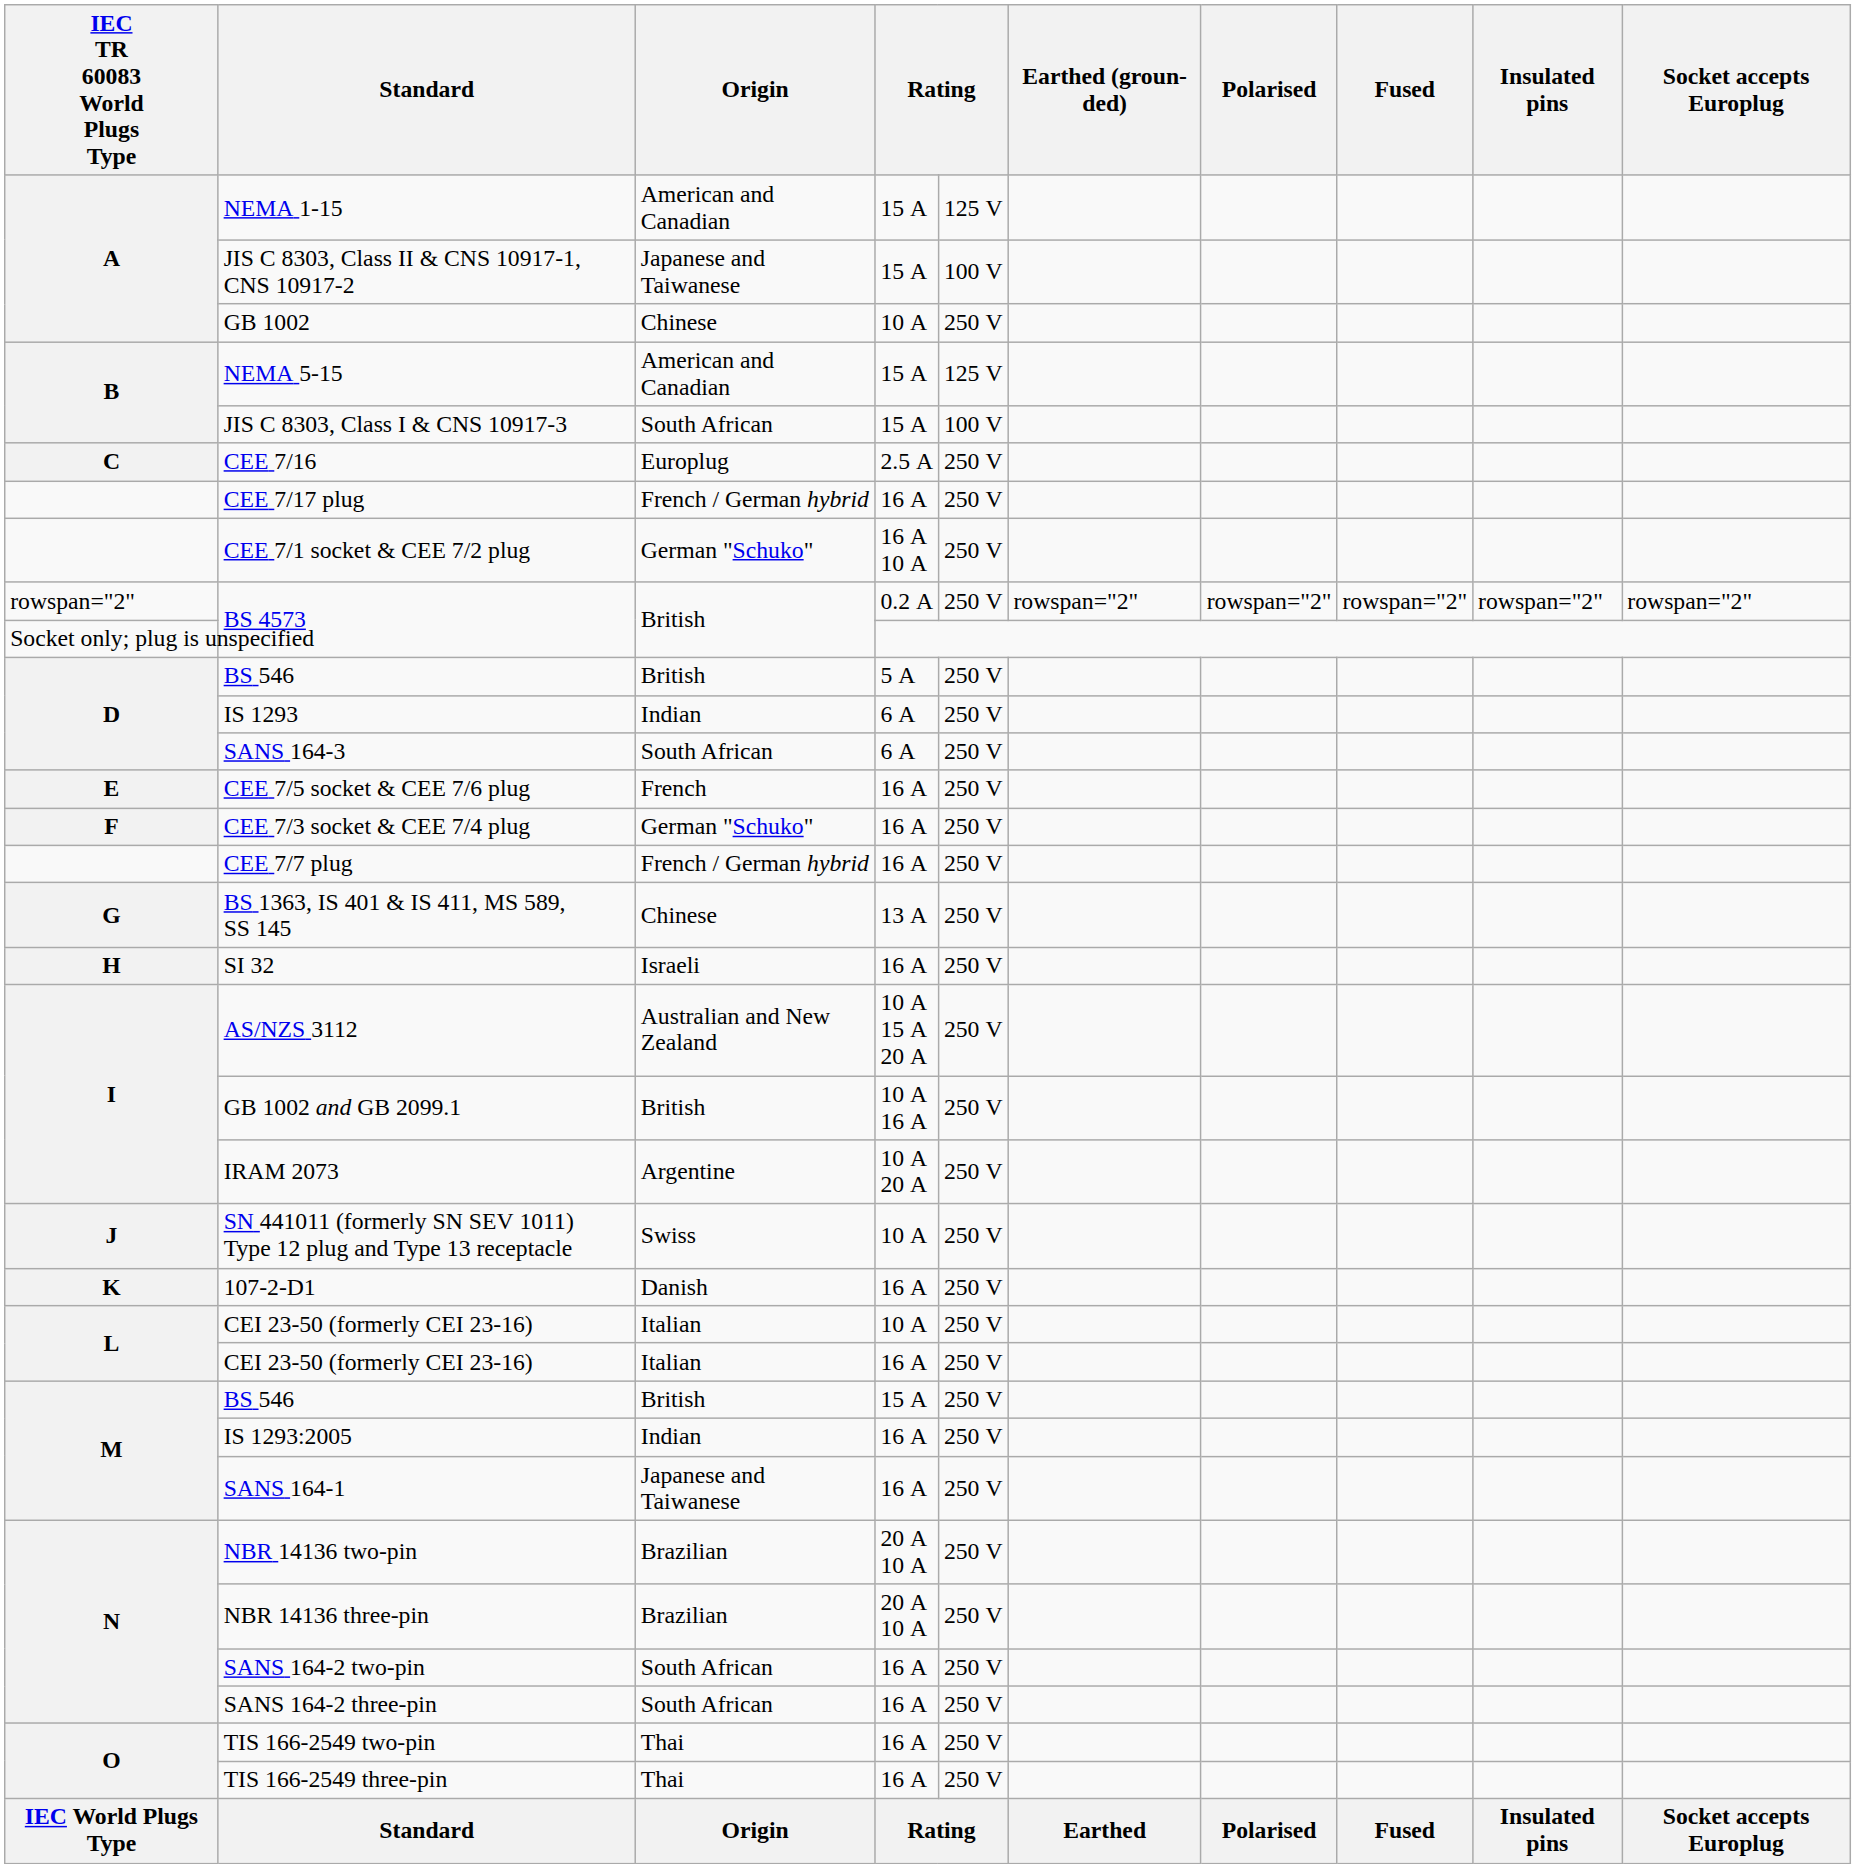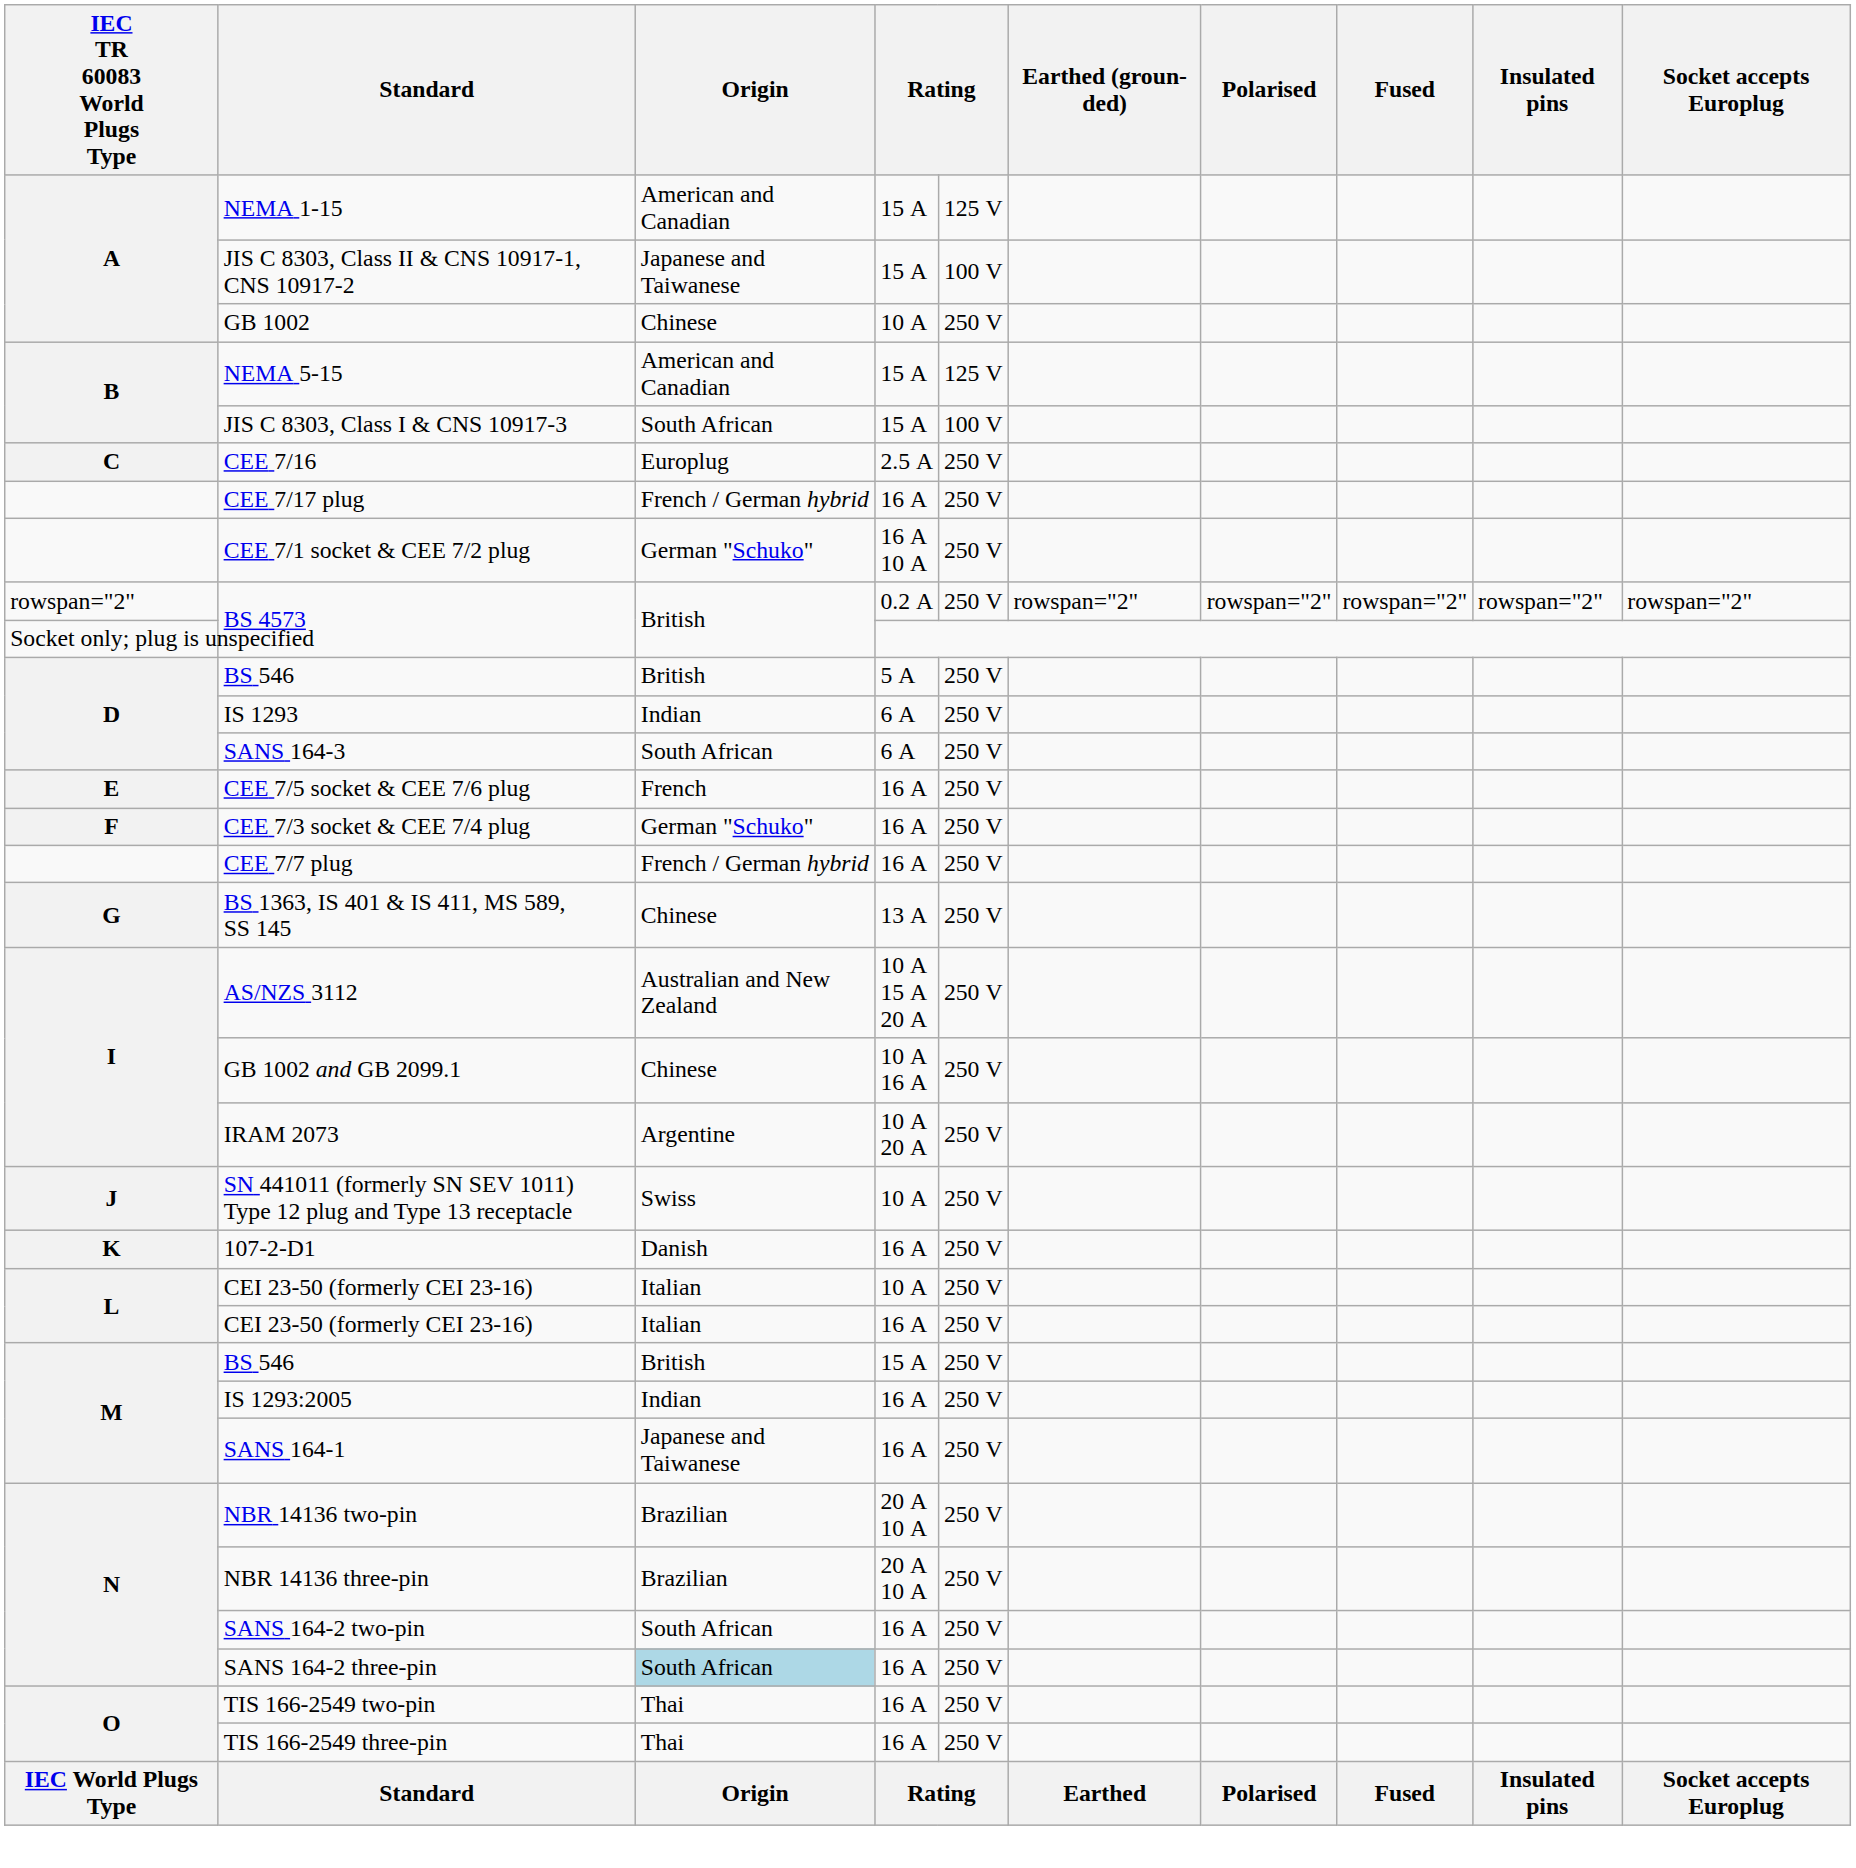 <table class="wikitable sortable sticky-header">
 <tr>
 <th><a href='#'>IEC</a><br>TR<br>60083<br>World<br>Plugs<br>Type</th>
 <th>Standard</th>
 <th>Origin</th>
 <th colspan="2">Rating</th>
 <th>Earthed (groun­ded)</th>
 <th>Polarised</th>
 <th>Fused</th>
 <th>Insulated pins</th>
 <th>Socket accepts Europlug</th>
 </tr>
 <tr>
 <th rowspan="3">A</th>
 <td><a href='#'>NEMA</a><a href='#'> </a>1-15</td>
 <td>American and Canadian</td>
 <td>15 A</td>
 <td>125 V</td>
 <td></td>
 <td></td>
 <td></td>
 <td></td>
 <td></td>
 </tr>
 <tr>
 <td>JIS C 8303, Class II & CNS 10917-1, CNS 10917-2</td>
 <td>Japanese and Taiwanese</td>
 <td>15 A</td>
 <td>100 V</td>
 <td></td>
 <td></td>
 <td></td>
 <td></td>
 <td></td>
 </tr>
 <tr>
 <td>GB 1002</td>
 <td>Chinese</td>
 <td>10 A</td>
 <td>250 V</td>
 <td></td>
 <td></td>
 <td></td>
 <td></td>
 <td></td>
 </tr>
 <tr>
 <th rowspan="2">B</th>
 <td><a href='#'>NEMA</a><a href='#'> </a>5-15</td>
 <td>American and Canadian</td>
 <td>15 A</td>
 <td>125 V</td>
 <td></td>
 <td></td>
 <td></td>
 <td></td>
 <td></td>
 </tr>
 <tr>
 <td>JIS C 8303, Class I & CNS 10917-3</td>
 <td>South African</td>
 <td>15 A</td>
 <td>100 V</td>
 <td></td>
 <td></td>
 <td></td>
 <td></td>
 <td></td>
 </tr>
 <tr>
 <th>C</th>
 <td><a href='#'>CEE</a><a href='#'> </a>7/16</td>
 <td>Europlug</td>
 <td>2.5 A</td>
 <td>250 V</td>
 <td></td>
 <td></td>
 <td></td>
 <td></td>
 <td></td>
 </tr>
 <tr>
 <td></td>
 <td><a href='#'>CEE</a><a href='#'> </a>7/17 plug</td>
 <td>French / German <em>hybrid</em></td>
 <td>16 A</td>
 <td>250 V</td>
 <td></td>
 <td></td>
 <td></td>
 <td></td>
 <td></td>
 </tr>
 <tr>
 <td></td>
 <td><a href='#'>CEE</a><a href='#'> </a>7/1 socket & CEE 7/2 plug</td>
 <td>German "<a href='#'>Schuko</a>"</td>
 <td>16 A<br>10 A</td>
 <td>250 V</td>
 <td></td>
 <td></td>
 <td></td>
 <td></td>
 <td></td>
 </tr>
 <tr>
 <td>rowspan="2" </td>
 <td rowspan="2"><a href='#'>BS 4573</a></td>
 <td rowspan="2">British</td>
 <td>0.2 A</td>
 <td>250 V</td>
 <td>rowspan="2" </td>
 <td>rowspan="2" </td>
 <td>rowspan="2" </td>
 <td>rowspan="2" </td>
 <td>rowspan="2" </td>
 </tr>
 <tr>
 <td colspan="2">Socket only; plug is unspecified</td>
 </tr>
 <tr>
 <th rowspan="3">D</th>
 <td><a href='#'>BS</a><a href='#'> </a>546</td>
 <td>British</td>
 <td>5 A</td>
 <td>250 V</td>
 <td></td>
 <td></td>
 <td></td>
 <td></td>
 <td></td>
 </tr>
 <tr>
 <td>IS 1293</td>
 <td>Indian</td>
 <td>6 A</td>
 <td>250 V</td>
 <td></td>
 <td></td>
 <td></td>
 <td></td>
 <td></td>
 </tr>
 <tr>
 <td><a href='#'>SANS</a><a href='#'> </a>164-3</td>
 <td>South African</td>
 <td>6 A</td>
 <td>250 V</td>
 <td></td>
 <td></td>
 <td></td>
 <td></td>
 <td></td>
 </tr>
 <tr>
 <th>E</th>
 <td><a href='#'>CEE</a><a href='#'> </a>7/5 socket & CEE 7/6 plug</td>
 <td>French</td>
 <td>16 A</td>
 <td>250 V</td>
 <td></td>
 <td></td>
 <td></td>
 <td></td>
 <td></td>
 </tr>
 <tr>
 <th>F</th>
 <td><a href='#'>CEE</a><a href='#'> </a>7/3 socket & CEE 7/4 plug</td>
 <td>German "<a href='#'>Schuko</a>"</td>
 <td>16 A</td>
 <td>250 V</td>
 <td></td>
 <td></td>
 <td></td>
 <td></td>
 <td></td>
 </tr>
 <tr>
 <td></td>
 <td><a href='#'>CEE</a><a href='#'> </a>7/7 plug</td>
 <td>French / German <em>hybrid</em></td>
 <td>16 A</td>
 <td>250 V</td>
 <td></td>
 <td></td>
 <td></td>
 <td></td>
 <td></td>
 </tr>
 <tr>
 <th>G</th>
 <td><a href='#'>BS</a><a href='#'> </a>1363, IS 401 & IS 411, MS 589, SS 145</td>
 <td>Chinese</td>
 <td>13 A</td>
 <td>250 V</td>
 <td></td>
 <td></td>
 <td></td>
 <td></td>
 <td></td>
 </tr>
 <tr>
-<th>H</th>
-<td>SI 32</td>
-<td>Israeli</td>
-<td>16 A</td>
-<td>250 V</td>
-<td></td>
-<td></td>
-<td></td>
-<td></td>
-<td></td>
-</tr>
-<tr>
 <th rowspan="3">I</th>
 <td><a href='#'>AS/NZS</a><a href='#'> </a>3112</td>
 <td>Australian and New Zealand</td>
 <td>10 A<br>15 A<br>20 A</td>
 <td>250 V</td>
 <td></td>
 <td></td>
 <td></td>
 <td></td>
 <td></td>
 </tr>
 <tr>
 <td>GB 1002 <em>and</em> GB 2099.1</td>
-<td>British</td>
+<td>Chinese</td>
 <td>10 A<br>16 A</td>
 <td>250 V</td>
 <td></td>
 <td></td>
 <td></td>
 <td></td>
 <td></td>
 </tr>
 <tr>
 <td>IRAM 2073</td>
 <td>Argentine</td>
 <td>10 A<br>20 A</td>
 <td>250 V</td>
 <td></td>
 <td></td>
 <td></td>
 <td></td>
 <td></td>
 </tr>
 <tr>
 <th>J</th>
 <td><a href='#'>SN</a><a href='#'> </a>441011 (formerly SN SEV 1011)<br>Type 12 plug and Type 13 receptacle</td>
 <td>Swiss</td>
 <td>10 A</td>
 <td>250 V</td>
 <td></td>
 <td></td>
 <td></td>
 <td></td>
 <td></td>
 </tr>
 <tr>
 <th>K</th>
 <td>107-2-D1</td>
 <td>Danish</td>
 <td>16 A</td>
 <td>250 V</td>
 <td></td>
 <td></td>
 <td></td>
 <td></td>
 <td></td>
 </tr>
 <tr>
 <th rowspan="2">L</th>
 <td>CEI 23-50 (formerly CEI 23-16)</td>
 <td>Italian</td>
 <td>10 A</td>
 <td>250 V</td>
 <td></td>
 <td></td>
 <td></td>
 <td></td>
 <td></td>
 </tr>
 <tr>
 <td>CEI 23-50 (formerly CEI 23-16)</td>
 <td>Italian</td>
 <td>16 A</td>
 <td>250 V</td>
 <td></td>
 <td></td>
 <td></td>
 <td></td>
 <td></td>
 </tr>
 <tr>
 <th rowspan="3">M</th>
 <td><a href='#'>BS</a><a href='#'> </a>546</td>
 <td>British</td>
 <td>15 A</td>
 <td>250 V</td>
 <td></td>
 <td></td>
 <td></td>
 <td></td>
 <td></td>
 </tr>
 <tr>
 <td>IS 1293:2005</td>
 <td>Indian</td>
 <td>16 A</td>
 <td>250 V</td>
 <td></td>
 <td></td>
 <td></td>
 <td></td>
 <td></td>
 </tr>
 <tr>
 <td><a href='#'>SANS</a><a href='#'> </a>164-1</td>
 <td>Japanese and Taiwanese</td>
 <td>16 A</td>
 <td>250 V</td>
 <td></td>
 <td></td>
 <td></td>
 <td></td>
 <td></td>
 </tr>
 <tr>
 <th rowspan="4">N</th>
 <td><a href='#'>NBR</a><a href='#'> </a>14136 two-pin</td>
 <td>Brazilian</td>
 <td>20 A<br>10 A</td>
 <td>250 V</td>
 <td></td>
 <td></td>
 <td></td>
 <td></td>
 <td></td>
 </tr>
 <tr>
 <td>NBR 14136 three-pin</td>
 <td>Brazilian</td>
 <td>20 A<br>10 A</td>
 <td>250 V</td>
 <td></td>
 <td></td>
 <td></td>
 <td></td>
 <td></td>
 </tr>
 <tr>
 <td><a href='#'>SANS</a><a href='#'> </a>164-2 two-pin</td>
 <td>South African</td>
 <td>16 A</td>
 <td>250 V</td>
 <td></td>
 <td></td>
 <td></td>
 <td></td>
 <td></td>
 </tr>
 <tr>
 <td>SANS 164-2 three-pin</td>
-<td>South African</td>
+<td style="background: lightblue;">South African</td>
 <td>16 A</td>
 <td>250 V</td>
 <td></td>
 <td></td>
 <td></td>
 <td></td>
 <td></td>
 </tr>
 <tr>
 <th rowspan="2">O</th>
 <td>TIS 166-2549 two-pin</td>
 <td>Thai</td>
 <td>16 A</td>
 <td>250 V</td>
 <td></td>
 <td></td>
 <td></td>
 <td></td>
 <td></td>
 </tr>
 <tr>
 <td>TIS 166-2549 three-pin</td>
 <td>Thai</td>
 <td>16 A</td>
 <td>250 V</td>
 <td></td>
 <td></td>
 <td></td>
 <td></td>
 <td></td>
 </tr>
 <tr>
 <th><a href='#'>IEC</a> World Plugs Type</th>
 <th>Standard</th>
 <th>Origin</th>
 <th colspan="2">Rating</th>
 <th>Earthed</th>
 <th>Polarised</th>
 <th>Fused</th>
 <th>Insulated pins</th>
 <th>Socket accepts Europlug</th>
 </tr>
 </table>
